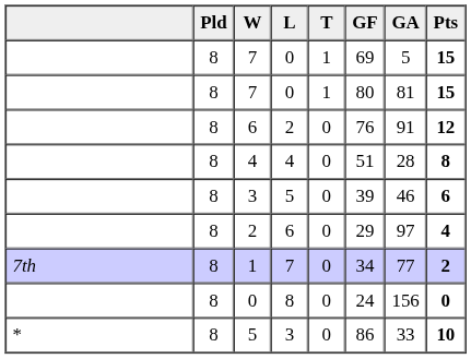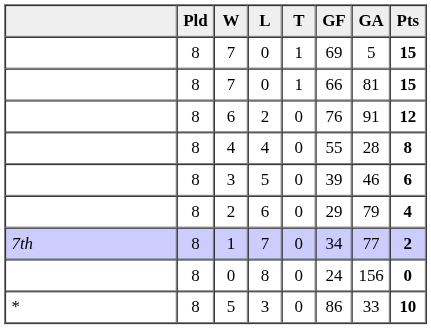 <table border=1 cellpadding=5 cellspacing=0>
 <tr>
 <th bgcolor="#efefef" width="150"></th>
 <th bgcolor="#efefef" width="20">Pld</th>
 <th bgcolor="#efefef" width="20">W</th>
 <th bgcolor="#efefef" width="20">L</th>
 <th bgcolor="#efefef" width="20">T</th>
 <th bgcolor="#efefef" width="20">GF</th>
 <th bgcolor="#efefef" width="20">GA</th>
 <th bgcolor="#efefef" width="20">Pts</th>
 </tr>
 <tr align=center>
 <td align=left></td>
 <td>8</td>
 <td>7</td>
 <td>0</td>
 <td>1</td>
 <td>69</td>
 <td>5</td>
 <td><strong>15</strong></td>
 </tr>
 <tr align=center>
 <td align=left></td>
 <td>8</td>
 <td>7</td>
 <td>0</td>
 <td>1</td>
-<td>80</td>
+<td>66</td>
 <td>81</td>
 <td><strong>15</strong></td>
 </tr>
 <tr align=center>
 <td align=left></td>
 <td>8</td>
 <td>6</td>
 <td>2</td>
 <td>0</td>
 <td>76</td>
 <td>91</td>
 <td><strong>12</strong></td>
 </tr>
 <tr align=center>
 <td align=left></td>
 <td>8</td>
 <td>4</td>
 <td>4</td>
 <td>0</td>
-<td>51</td>
+<td>55</td>
 <td>28</td>
 <td><strong>8</strong></td>
 </tr>
 <tr align=center>
 <td align=left></td>
 <td>8</td>
 <td>3</td>
 <td>5</td>
 <td>0</td>
 <td>39</td>
 <td>46</td>
 <td><strong>6</strong></td>
 </tr>
 <tr align=center>
 <td align=left></td>
 <td>8</td>
 <td>2</td>
 <td>6</td>
 <td>0</td>
 <td>29</td>
-<td>97</td>
+<td>79</td>
 <td><strong>4</strong></td>
 </tr>
 <tr align=center bgcolor="ccccff">
 <td align=left> <em>7th</em></td>
 <td>8</td>
 <td>1</td>
 <td>7</td>
 <td>0</td>
 <td>34</td>
 <td>77</td>
 <td><strong>2</strong></td>
 </tr>
 <tr align=center>
 <td align=left></td>
 <td>8</td>
 <td>0</td>
 <td>8</td>
 <td>0</td>
 <td>24</td>
 <td>156</td>
 <td><strong>0</strong></td>
 </tr>
 <tr align=center>
 <td align=left> *</td>
 <td>8</td>
 <td>5</td>
 <td>3</td>
 <td>0</td>
 <td>86</td>
 <td>33</td>
 <td><strong>10</strong></td>
 </tr>
 </table>
